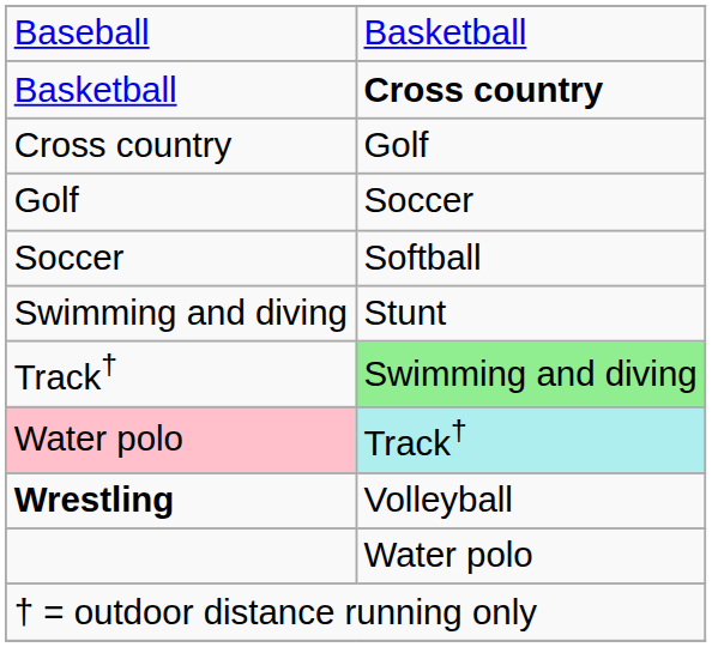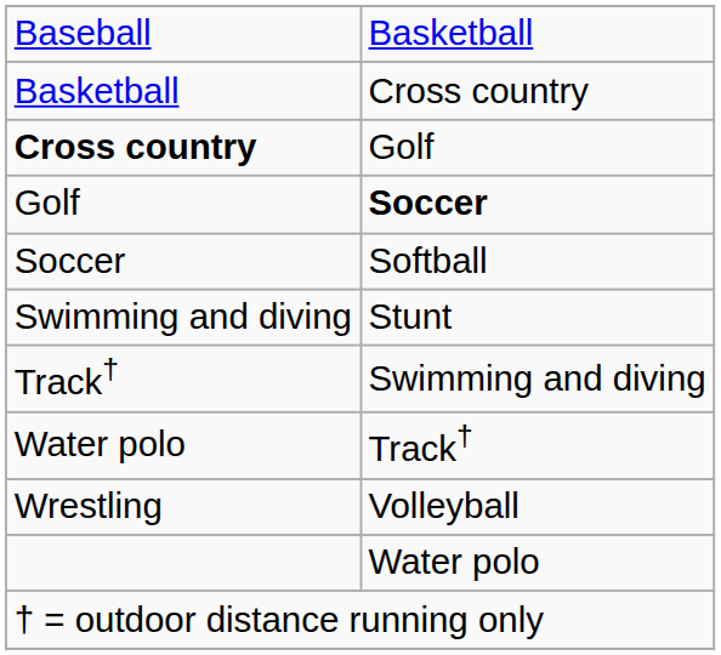 <table class="wikitable">
 <tr>
 </tr>
 <tr>
 <td><a href='#'>Baseball</a></td>
 <td><a href='#'>Basketball</a></td>
 </tr>
 <tr>
 <td><a href='#'>Basketball</a></td>
-<td><strong>Cross country</strong></td>
+<td>Cross country</td>
 </tr>
 <tr>
-<td>Cross country</td>
+<td><strong>Cross country</strong></td>
 <td>Golf</td>
 </tr>
 <tr>
 <td>Golf</td>
-<td>Soccer</td>
+<td><strong>Soccer</strong></td>
 </tr>
 <tr>
 <td>Soccer</td>
 <td>Softball</td>
 </tr>
 <tr>
 <td>Swimming and diving</td>
 <td>Stunt</td>
 </tr>
 <tr>
 <td>Track<sup>†</sup></td>
-<td style="background: lightgreen;">Swimming and diving</td>
+<td>Swimming and diving</td>
 </tr>
 <tr>
-<td style="background: pink;">Water polo</td>
-<td style="background: paleturquoise;">Track<sup>†</sup></td>
+<td>Water polo</td>
+<td>Track<sup>†</sup></td>
 </tr>
 <tr>
-<td><strong>Wrestling</strong></td>
+<td>Wrestling</td>
 <td>Volleyball</td>
 </tr>
 <tr>
 <td></td>
 <td>Water polo</td>
 </tr>
 <tr>
 <td colspan="2">† = outdoor distance running only</td>
 </tr>
 <tr>
 </tr>
 </table>
